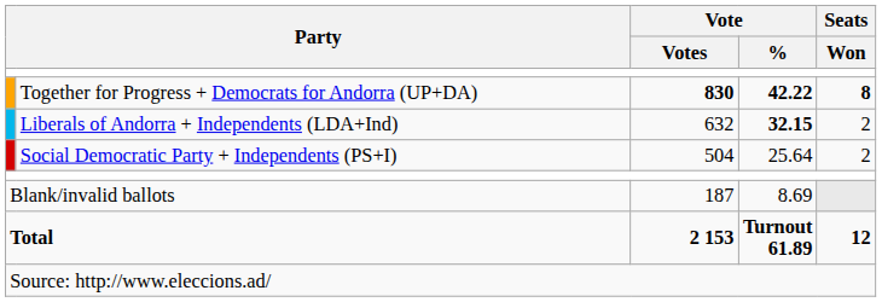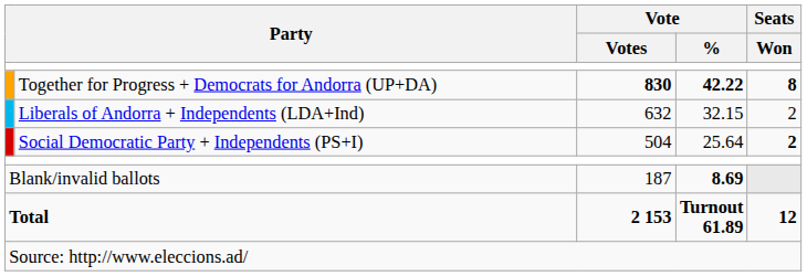 <table class="wikitable alternance centre" style="text-align:right; font-size:100%; margin-bottom:0">
 <tr>
 <th align="left" rowspan="2" colspan="2" width="500">Party</th>
 <th colspan="2">Vote</th>
 <th>Seats</th>
 </tr>
 <tr>
 <th width="80">Votes</th>
 <th width="50">%</th>
 <th width="40">Won</th>
 </tr>
 <tr bgcolor=white>
 <td colspan=7></td>
 </tr>
 <tr>
 <td width="1" bgcolor="orange"></td>
 <td align="left">Together for Progress + <a href='#'>Democrats for Andorra</a> (UP+DA)</td>
 <td><strong>830</strong></td>
 <td><strong>42.22</strong></td>
 <td><strong>8</strong></td>
 </tr>
 <tr>
 <td width="1" style="color:inherit;background:#00B7EB"></td>
 <td align="left"><a href='#'>Liberals of Andorra</a> + <a href='#'>Independents</a> (LDA+Ind)</td>
 <td>632</td>
-<td><strong>32.15</strong></td>
+<td>32.15</td>
 <td>2</td>
 </tr>
 <tr>
 <td width="1" style="color:inherit;background:#D40000"></td>
 <td align="left"><a href='#'>Social Democratic Party</a> + <a href='#'>Independents</a> (PS+I)</td>
 <td>504</td>
 <td>25.64</td>
-<td>2</td>
+<td><strong>2</strong></td>
 </tr>
 <tr bgcolor=white>
 <td colspan=7></td>
 </tr>
 <tr>
 <td colspan="2" align="left">Blank/invalid ballots</td>
 <td>187</td>
-<td>8.69</td>
+<td><strong>8.69</strong></td>
 <td style="color:inherit;background:#E9E9E9"></td>
 </tr>
 <tr style="font-weight:bold;">
 <td align="left" colspan="2">Total</td>
 <td>2 153</td>
 <td>Turnout 61.89</td>
 <td>12</td>
 </tr>
 <tr>
 <td align="left" colspan="5">Source: http://www.eleccions.ad/</td>
 </tr>
 </table>
